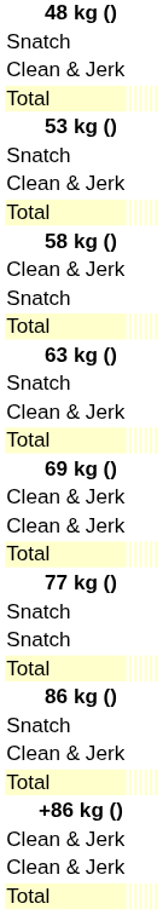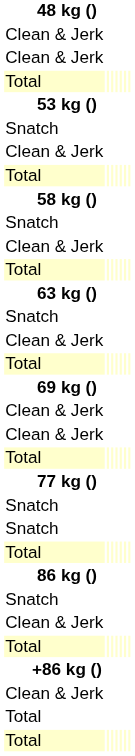 <table>
 <tr>
 <th colspan=7>48 kg ()</th>
 </tr>
 <tr>
-<td>Snatch</td>
+<td>Clean & Jerk</td>
 <td></td>
 <td></td>
 <td></td>
 <td></td>
 <td></td>
 <td></td>
 </tr>
 <tr>
 <td>Clean & Jerk</td>
 <td></td>
 <td></td>
 <td></td>
 <td></td>
 <td></td>
 <td></td>
 </tr>
 <tr bgcolor=ffffcc>
 <td>Total</td>
 <td></td>
 <td></td>
 <td></td>
 <td></td>
 <td></td>
 <td></td>
 </tr>
 <tr>
 <th colspan=7>53 kg ()</th>
 </tr>
 <tr>
 <td>Snatch</td>
 <td></td>
 <td></td>
 <td></td>
 <td></td>
 <td></td>
 <td></td>
 </tr>
 <tr>
 <td>Clean & Jerk</td>
 <td></td>
 <td></td>
 <td></td>
 <td></td>
 <td></td>
 <td></td>
 </tr>
 <tr bgcolor=ffffcc>
 <td>Total</td>
 <td></td>
 <td></td>
 <td></td>
 <td></td>
 <td></td>
 <td></td>
 </tr>
 <tr>
 <th colspan=7>58 kg ()</th>
 </tr>
 <tr>
-<td>Clean & Jerk</td>
+<td>Snatch</td>
 <td></td>
 <td></td>
 <td></td>
 <td></td>
 <td></td>
 <td></td>
 </tr>
 <tr>
-<td>Snatch</td>
+<td>Clean & Jerk</td>
 <td></td>
 <td></td>
 <td></td>
 <td></td>
 <td></td>
 <td></td>
 </tr>
 <tr bgcolor=ffffcc>
 <td>Total</td>
 <td></td>
 <td></td>
 <td></td>
 <td></td>
 <td></td>
 <td></td>
 </tr>
 <tr>
 <th colspan=7>63 kg ()</th>
 </tr>
 <tr>
 <td>Snatch</td>
 <td></td>
 <td></td>
 <td></td>
 <td></td>
 <td></td>
 <td></td>
 </tr>
 <tr>
 <td>Clean & Jerk</td>
 <td></td>
 <td></td>
 <td></td>
 <td></td>
 <td></td>
 <td></td>
 </tr>
 <tr bgcolor=ffffcc>
 <td>Total</td>
 <td></td>
 <td></td>
 <td></td>
 <td></td>
 <td></td>
 <td></td>
 </tr>
 <tr>
 <th colspan=7>69 kg ()</th>
 </tr>
 <tr>
 <td>Clean & Jerk</td>
 <td></td>
 <td></td>
 <td></td>
 <td></td>
 <td></td>
 <td></td>
 </tr>
 <tr>
 <td>Clean & Jerk</td>
 <td></td>
 <td></td>
 <td></td>
 <td></td>
 <td></td>
 <td></td>
 </tr>
 <tr bgcolor=ffffcc>
 <td>Total</td>
 <td></td>
 <td></td>
 <td></td>
 <td></td>
 <td></td>
 <td></td>
 </tr>
 <tr>
 <th colspan=7>77 kg ()</th>
 </tr>
 <tr>
 <td>Snatch</td>
 <td></td>
 <td></td>
 <td></td>
 <td></td>
 <td></td>
 <td></td>
 </tr>
 <tr>
 <td>Snatch</td>
 <td></td>
 <td></td>
 <td></td>
 <td></td>
 <td></td>
 <td></td>
 </tr>
 <tr bgcolor=ffffcc>
 <td>Total</td>
 <td></td>
 <td></td>
 <td></td>
 <td></td>
 <td></td>
 <td></td>
 </tr>
 <tr>
 <th colspan=7>86 kg ()</th>
 </tr>
 <tr>
 <td>Snatch</td>
 <td></td>
 <td></td>
 <td></td>
 <td></td>
 <td></td>
 <td></td>
 </tr>
 <tr>
 <td>Clean & Jerk</td>
 <td></td>
 <td></td>
 <td></td>
 <td></td>
 <td></td>
 <td></td>
 </tr>
 <tr bgcolor=ffffcc>
 <td>Total</td>
 <td></td>
 <td></td>
 <td></td>
 <td></td>
 <td></td>
 <td></td>
 </tr>
 <tr>
 <th colspan=7>+86 kg ()</th>
 </tr>
 <tr>
 <td>Clean & Jerk</td>
 <td></td>
 <td></td>
 <td></td>
 <td></td>
 <td></td>
 <td></td>
 </tr>
 <tr>
-<td>Clean & Jerk</td>
+<td>Total</td>
 <td></td>
 <td></td>
 <td></td>
 <td></td>
 <td></td>
 <td></td>
 </tr>
 <tr bgcolor=ffffcc>
 <td>Total</td>
 <td></td>
 <td></td>
 <td></td>
 <td></td>
 <td></td>
 <td></td>
 </tr>
 </table>
